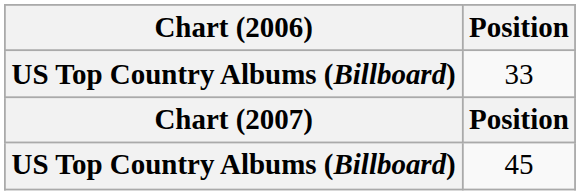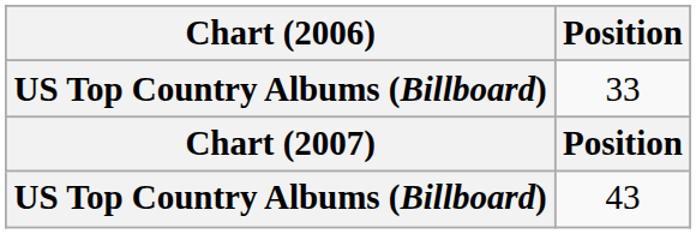 <table class="wikitable plainrowheaders" style="text-align:center">
 <tr>
 <th scope="col">Chart (2006)</th>
 <th scope="col">Position</th>
 </tr>
 <tr>
 <th scope="row">US Top Country Albums (<em>Billboard</em>)</th>
 <td>33</td>
 </tr>
 <tr>
 <th scope="col">Chart (2007)</th>
 <th scope="col">Position</th>
 </tr>
 <tr>
 <th scope="row">US Top Country Albums (<em>Billboard</em>)</th>
-<td>45</td>
+<td>43</td>
 </tr>
 </table>
